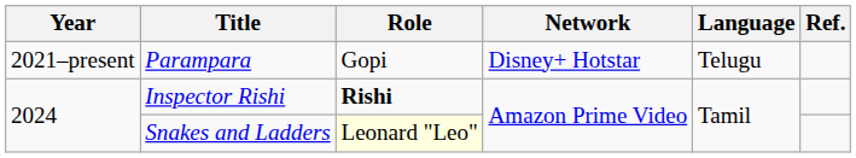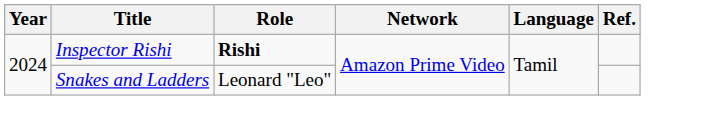 <table class="wikitable ">
 <tr style="background:#ccc; text-align:center;">
 <th>Year</th>
 <th>Title</th>
 <th>Role</th>
 <th>Network</th>
 <th>Language</th>
 <th>Ref.</th>
-</tr>
-<tr>
-<td>2021–present</td>
-<td><em><a href='#'>Parampara</a> </em></td>
-<td>Gopi</td>
-<td><a href='#'>Disney+ Hotstar</a></td>
-<td>Telugu</td>
-<td></td>
 </tr>
 <tr>
 <td rowspan="2">2024</td>
 <td><em><a href='#'>Inspector Rishi</a></em></td>
 <td><strong>Rishi</strong></td>
 <td rowspan="2"><a href='#'>Amazon Prime Video</a></td>
 <td rowspan="2">Tamil</td>
 <td></td>
 </tr>
 <tr>
 <td><a href='#'><em>Snakes and Ladders</em></a></td>
-<td style="background: lightyellow;">Leonard "Leo"</td>
+<td>Leonard "Leo"</td>
 <td></td>
 </tr>
 </table>
